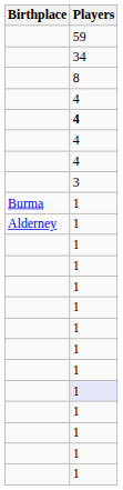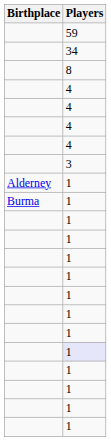 <table class="wikitable sortable">
 <tr>
 <th>Birthplace</th>
 <th>Players</th>
 </tr>
 <tr>
 <td></td>
 <td>59</td>
 </tr>
 <tr>
 <td></td>
 <td>34</td>
 </tr>
 <tr>
 <td></td>
 <td>8</td>
 </tr>
 <tr>
 <td></td>
 <td>4</td>
 </tr>
 <tr>
 <td></td>
-<td><strong>4</strong></td>
+<td>4</td>
 </tr>
 <tr>
 <td></td>
 <td>4</td>
 </tr>
 <tr>
 <td></td>
 <td>4</td>
 </tr>
 <tr>
 <td></td>
 <td>3</td>
 </tr>
 <tr>
-<td> <a href='#'>Burma</a></td>
+<td> <a href='#'>Alderney</a></td>
 <td>1</td>
 </tr>
 <tr>
-<td> <a href='#'>Alderney</a></td>
+<td> <a href='#'>Burma</a></td>
 <td>1</td>
 </tr>
 <tr>
 <td></td>
 <td>1</td>
 </tr>
 <tr>
 <td></td>
 <td>1</td>
 </tr>
 <tr>
 <td></td>
 <td>1</td>
 </tr>
 <tr>
 <td></td>
 <td>1</td>
 </tr>
 <tr>
 <td></td>
 <td>1</td>
 </tr>
 <tr>
 <td></td>
 <td>1</td>
 </tr>
 <tr>
 <td></td>
 <td>1</td>
 </tr>
 <tr>
 <td></td>
 <td style="background: lavender;">1</td>
 </tr>
 <tr>
 <td></td>
 <td>1</td>
 </tr>
 <tr>
 <td></td>
 <td>1</td>
 </tr>
 <tr>
 <td></td>
 <td>1</td>
 </tr>
 <tr>
 <td></td>
 <td>1</td>
 </tr>
 </table>
